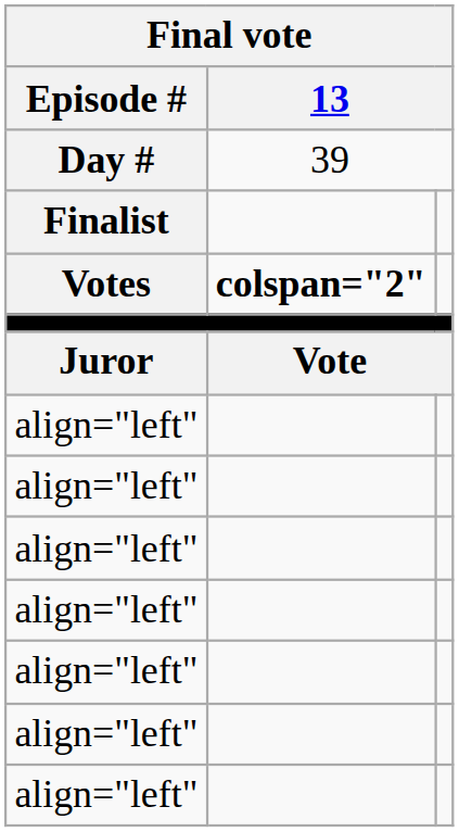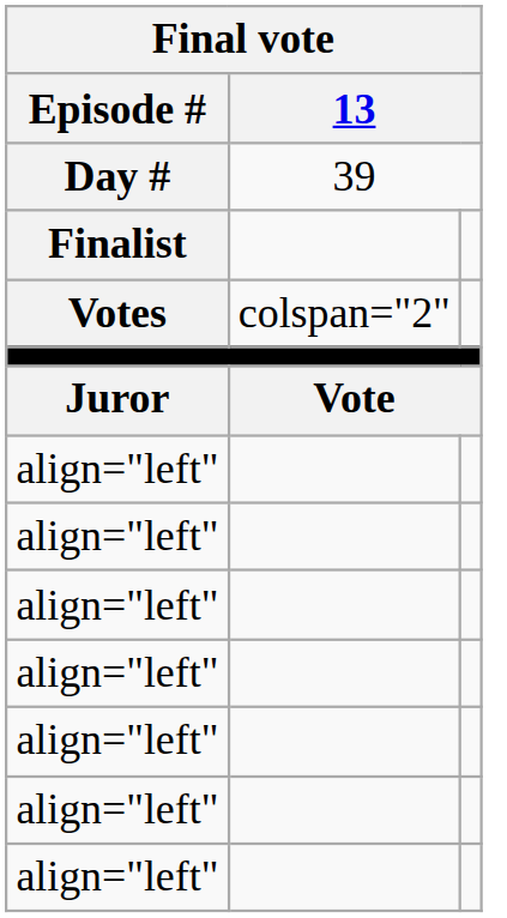 <table class="wikitable nowrap" style="text-align:center; font-size:100%">
 <tr>
 <th colspan=4>Final vote</th>
 </tr>
 <tr>
 <th>Episode #</th>
 <th colspan=2><a href='#'>13</a></th>
 </tr>
 <tr>
 <th>Day #</th>
 <td colspan=2>39</td>
 </tr>
 <tr>
 <th>Finalist</th>
 <td></td>
 <td></td>
 </tr>
 <tr>
 <th>Votes</th>
-<td><strong>colspan="2" </strong></td>
+<td>colspan="2" </td>
 </tr>
 <tr>
 <td style="background:black;" colspan="3"></td>
 </tr>
 <tr>
 <th>Juror</th>
 <th colspan=4>Vote</th>
 </tr>
 <tr>
 <td>align="left" </td>
 <td></td>
 <td></td>
 </tr>
 <tr>
 <td>align="left" </td>
 <td></td>
 <td></td>
 </tr>
 <tr>
 <td>align="left" </td>
 <td></td>
 <td></td>
 </tr>
 <tr>
 <td>align="left" </td>
 <td></td>
 <td></td>
 </tr>
 <tr>
 <td>align="left" </td>
 <td></td>
 <td></td>
 </tr>
 <tr>
 <td>align="left" </td>
 <td></td>
 <td></td>
 </tr>
 <tr>
 <td>align="left" </td>
 <td></td>
 <td></td>
 </tr>
 </table>
